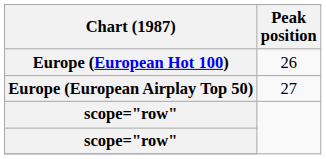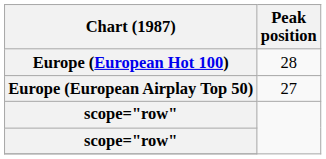 <table class="wikitable sortable plainrowheaders">
 <tr>
 <th>Chart (1987)</th>
 <th>Peak<br>position</th>
 </tr>
 <tr>
 <th scope="row">Europe (<a href='#'>European Hot 100</a>)</th>
-<td align="center">26</td>
+<td align="center">28</td>
 </tr>
 <tr>
 <th scope="row">Europe (European Airplay Top 50)</th>
 <td style="text-align:center;">27</td>
 </tr>
 <tr>
 <th>scope="row"</th>
 </tr>
 <tr>
 <th>scope="row"</th>
 </tr>
 <tr>
 </tr>
 </table>
